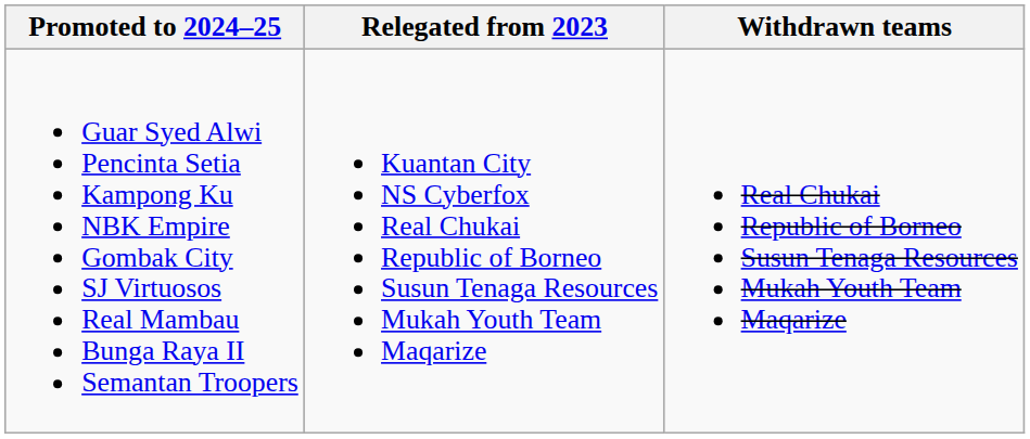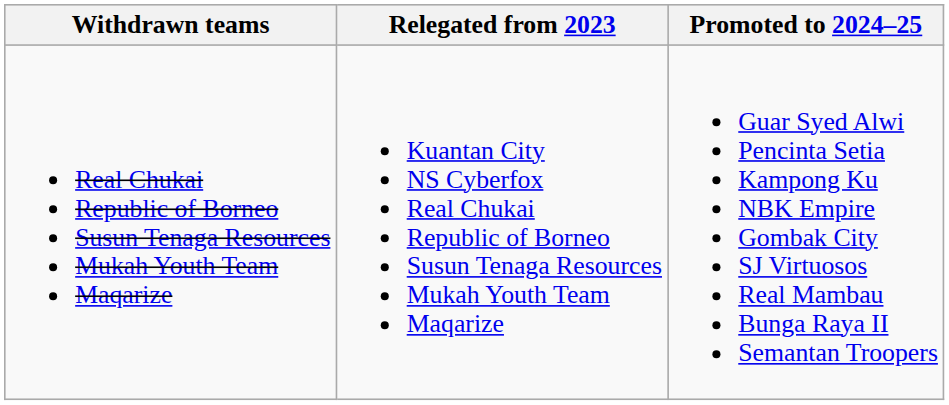 <table class="wikitable">
 <tr>
+<th>Withdrawn teams</th>
+<th> Relegated from <a href='#'>2023</a></th>
 <th> Promoted to <a href='#'>2024–25</a></th>
-<th> Relegated from <a href='#'>2023</a></th>
-<th>Withdrawn teams</th>
 </tr>
 <tr>
+<td><br><ul><li><s> <a href='#'>Real Chukai</a></s></li><li><s> <a href='#'>Republic of Borneo</a></s></li><li><s> <a href='#'>Susun Tenaga Resources</a></s></li><li><s> <a href='#'>Mukah Youth Team</a></s></li><li><s> <a href='#'>Maqarize</a></s></li></ul></td>
+<td><br><ul><li> <a href='#'>Kuantan City</a></li><li> <a href='#'>NS Cyberfox</a></li><li> <a href='#'>Real Chukai</a></li><li> <a href='#'>Republic of Borneo</a></li><li> <a href='#'>Susun Tenaga Resources</a></li><li> <a href='#'>Mukah Youth Team</a></li><li> <a href='#'>Maqarize</a></li></ul></td>
 <td><br><ul><li> <a href='#'>Guar Syed Alwi</a></li><li> <a href='#'>Pencinta Setia</a></li><li> <a href='#'>Kampong Ku</a></li><li> <a href='#'>NBK Empire</a></li><li> <a href='#'>Gombak City</a> </li><li> <a href='#'>SJ Virtuosos</a></li><li> <a href='#'>Real Mambau</a></li><li> <a href='#'>Bunga Raya II</a></li><li> <a href='#'>Semantan Troopers</a></li></ul></td>
-<td><br><ul><li> <a href='#'>Kuantan City</a></li><li> <a href='#'>NS Cyberfox</a></li><li> <a href='#'>Real Chukai</a></li><li> <a href='#'>Republic of Borneo</a></li><li> <a href='#'>Susun Tenaga Resources</a></li><li> <a href='#'>Mukah Youth Team</a></li><li> <a href='#'>Maqarize</a></li></ul></td>
-<td><br><ul><li><s> <a href='#'>Real Chukai</a></s></li><li><s> <a href='#'>Republic of Borneo</a></s></li><li><s> <a href='#'>Susun Tenaga Resources</a></s></li><li><s> <a href='#'>Mukah Youth Team</a></s></li><li><s> <a href='#'>Maqarize</a></s></li></ul></td>
 </tr>
 </table>
